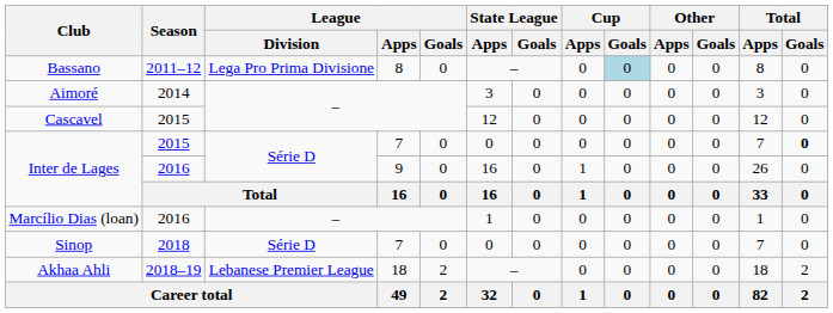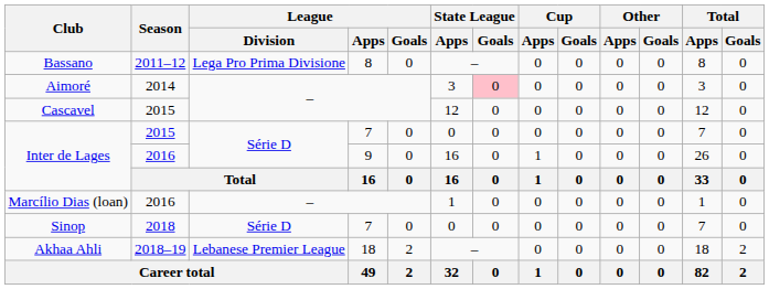 <table class="wikitable" style="text-align: center">
 <tr>
 <th rowspan="2">Club</th>
 <th rowspan="2">Season</th>
 <th colspan="3">League</th>
 <th colspan="2">State League</th>
 <th colspan="2">Cup</th>
 <th colspan="2">Other</th>
 <th colspan="2">Total</th>
 </tr>
 <tr>
 <th>Division</th>
 <th>Apps</th>
 <th>Goals</th>
 <th>Apps</th>
 <th>Goals</th>
 <th>Apps</th>
 <th>Goals</th>
 <th>Apps</th>
 <th>Goals</th>
 <th>Apps</th>
 <th>Goals</th>
 </tr>
 <tr>
 <td><a href='#'>Bassano</a></td>
 <td><a href='#'>2011–12</a></td>
 <td><a href='#'>Lega Pro Prima Divisione</a></td>
 <td>8</td>
 <td>0</td>
 <td colspan="2">–</td>
 <td>0</td>
-<td style="background: lightblue;">0</td>
+<td>0</td>
 <td>0</td>
 <td>0</td>
 <td>8</td>
 <td>0</td>
 </tr>
 <tr>
 <td><a href='#'>Aimoré</a></td>
 <td>2014</td>
 <td colspan="3" rowspan="2">–</td>
 <td>3</td>
-<td>0</td>
+<td style="background: pink;">0</td>
 <td>0</td>
 <td>0</td>
 <td>0</td>
 <td>0</td>
 <td>3</td>
 <td>0</td>
 </tr>
 <tr>
 <td><a href='#'>Cascavel</a></td>
 <td>2015</td>
 <td>12</td>
 <td>0</td>
 <td>0</td>
 <td>0</td>
 <td>0</td>
 <td>0</td>
 <td>12</td>
 <td>0</td>
 </tr>
 <tr>
 <td rowspan="3"><a href='#'>Inter de Lages</a></td>
 <td><a href='#'>2015</a></td>
 <td rowspan="2"><a href='#'>Série D</a></td>
 <td>7</td>
 <td>0</td>
 <td>0</td>
 <td>0</td>
 <td>0</td>
 <td>0</td>
 <td>0</td>
 <td>0</td>
 <td>7</td>
-<td><strong>0</strong></td>
+<td>0</td>
 </tr>
 <tr>
 <td><a href='#'>2016</a></td>
 <td>9</td>
 <td>0</td>
 <td>16</td>
 <td>0</td>
 <td>1</td>
 <td>0</td>
 <td>0</td>
 <td>0</td>
 <td>26</td>
 <td>0</td>
 </tr>
 <tr>
 <th colspan="2"><strong>Total</strong></th>
 <th>16</th>
 <th>0</th>
 <th>16</th>
 <th>0</th>
 <th>1</th>
 <th>0</th>
 <th>0</th>
 <th>0</th>
 <th>33</th>
 <th>0</th>
 </tr>
 <tr>
 <td><a href='#'>Marcílio Dias</a> (loan)</td>
 <td>2016</td>
 <td colspan="3">–</td>
 <td>1</td>
 <td>0</td>
 <td>0</td>
 <td>0</td>
 <td>0</td>
 <td>0</td>
 <td>1</td>
 <td>0</td>
 </tr>
 <tr>
 <td><a href='#'>Sinop</a></td>
 <td><a href='#'>2018</a></td>
 <td><a href='#'>Série D</a></td>
 <td>7</td>
 <td>0</td>
 <td>0</td>
 <td>0</td>
 <td>0</td>
 <td>0</td>
 <td>0</td>
 <td>0</td>
 <td>7</td>
 <td>0</td>
 </tr>
 <tr>
 <td><a href='#'>Akhaa Ahli</a></td>
 <td><a href='#'>2018–19</a></td>
 <td><a href='#'>Lebanese Premier League</a></td>
 <td>18</td>
 <td>2</td>
 <td colspan="2">–</td>
 <td>0</td>
 <td>0</td>
 <td>0</td>
 <td>0</td>
 <td>18</td>
 <td>2</td>
 </tr>
 <tr>
 <th colspan="3"><strong>Career total</strong></th>
 <th>49</th>
 <th>2</th>
 <th>32</th>
 <th>0</th>
 <th>1</th>
 <th>0</th>
 <th>0</th>
 <th>0</th>
 <th>82</th>
 <th>2</th>
 </tr>
 </table>
